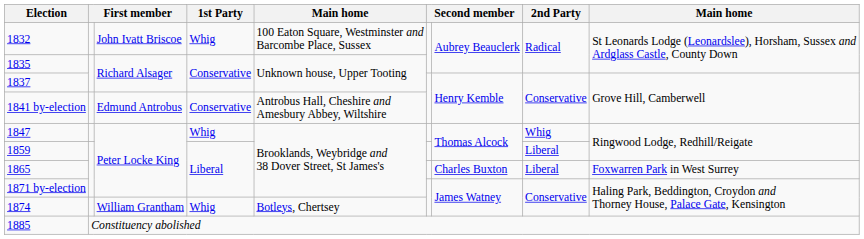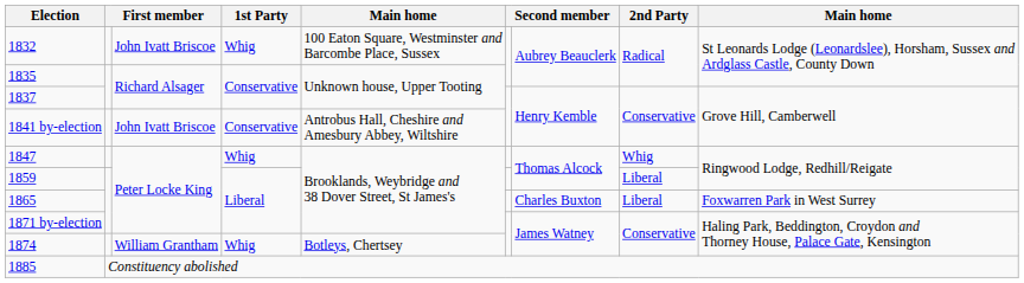 <table class="wikitable">
 <tr>
 <th>Election</th>
 <th colspan="2">First member</th>
 <th>1st Party</th>
 <th>Main home</th>
 <th colspan="2">Second member</th>
 <th>2nd Party</th>
 <th>Main home</th>
 </tr>
 <tr>
 <td><a href='#'>1832</a></td>
 <td style="color:inherit;background-color: "></td>
 <td><a href='#'>John Ivatt Briscoe</a></td>
 <td><a href='#'>Whig</a></td>
 <td>100 Eaton Square, Westminster <em>and</em><br>Barcombe Place, Sussex</td>
 <td rowspan="2" style="color:inherit;background-color: "></td>
 <td rowspan="2"><a href='#'>Aubrey Beauclerk</a></td>
 <td rowspan="2"><a href='#'>Radical</a></td>
 <td rowspan="2">St Leonards Lodge (<a href='#'>Leonardslee</a>), Horsham, Sussex <em>and</em><br><a href='#'>Ardglass Castle</a>, County Down</td>
 </tr>
 <tr>
 <td><a href='#'>1835</a></td>
 <td rowspan="2" style="color:inherit;background-color: "></td>
 <td rowspan="2"><a href='#'>Richard Alsager</a></td>
 <td rowspan="2"><a href='#'>Conservative</a></td>
 <td rowspan="2">Unknown house, Upper Tooting</td>
 </tr>
 <tr>
 <td><a href='#'>1837</a></td>
 <td rowspan="2" style="color:inherit;background-color: "></td>
 <td rowspan="2"><a href='#'>Henry Kemble</a></td>
 <td rowspan="2"><a href='#'>Conservative</a></td>
 <td rowspan="2">Grove Hill, Camberwell</td>
 </tr>
 <tr>
 <td><a href='#'>1841 by-election</a></td>
 <td style="color:inherit;background-color: "></td>
-<td><a href='#'>Edmund Antrobus</a></td>
+<td><a href='#'>John Ivatt Briscoe</a></td>
 <td><a href='#'>Conservative</a></td>
 <td>Antrobus Hall, Cheshire <em>and</em><br>Amesbury Abbey, Wiltshire</td>
 </tr>
 <tr>
 <td><a href='#'>1847</a></td>
 <td style="color:inherit;background-color: "></td>
 <td rowspan="4"><a href='#'>Peter Locke King</a></td>
 <td><a href='#'>Whig</a></td>
 <td rowspan="4">Brooklands, Weybridge <em>and</em><br>38 Dover Street, St James's</td>
 <td style="color:inherit;background-color: "></td>
 <td rowspan="2"><a href='#'>Thomas Alcock</a></td>
 <td><a href='#'>Whig</a></td>
 <td rowspan="2">Ringwood Lodge, Redhill/Reigate</td>
 </tr>
 <tr>
 <td><a href='#'>1859</a></td>
 <td rowspan="3" style="color:inherit;background-color: "></td>
 <td rowspan="3"><a href='#'>Liberal</a></td>
 <td style="color:inherit;background-color: "></td>
 <td><a href='#'>Liberal</a></td>
 </tr>
 <tr>
 <td><a href='#'>1865</a></td>
 <td style="color:inherit;background-color: "></td>
 <td><a href='#'>Charles Buxton</a></td>
 <td><a href='#'>Liberal</a></td>
 <td><a href='#'>Foxwarren Park</a> in West Surrey</td>
 </tr>
 <tr>
 <td><a href='#'>1871 by-election</a></td>
 <td rowspan="2" style="color:inherit;background-color: "></td>
 <td rowspan="2"><a href='#'>James Watney</a></td>
 <td rowspan="2"><a href='#'>Conservative</a></td>
 <td rowspan="2">Haling Park, Beddington, Croydon <em>and</em><br>Thorney House, <a href='#'>Palace Gate</a>, Kensington</td>
 </tr>
 <tr>
 <td><a href='#'>1874</a></td>
 <td style="color:inherit;background-color: "></td>
 <td><a href='#'>William Grantham</a></td>
 <td><a href='#'>Whig</a></td>
 <td><a href='#'>Botleys</a>, Chertsey</td>
 </tr>
 <tr>
 <td><a href='#'>1885</a></td>
 <td colspan="8"><em>Constituency abolished</em></td>
 </tr>
 </table>
